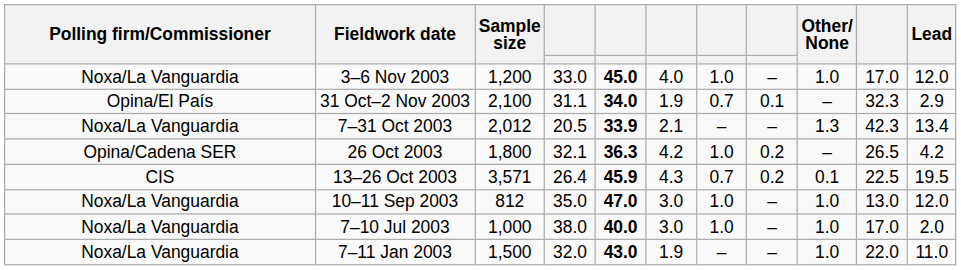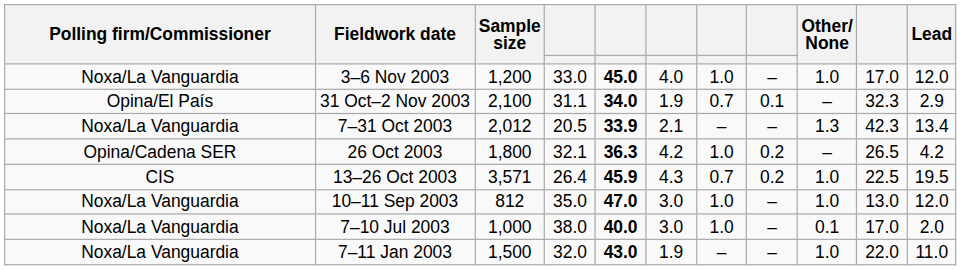 <table class="wikitable collapsible collapsed" style="text-align:center; font-size:90%; line-height:14px;">
 <tr style="height:42px;">
 <th style="width:250px;" rowspan="2">Polling firm/Commissioner</th>
 <th style="width:125px;" rowspan="2">Fieldwork date</th>
 <th style="width:50px;" rowspan="2">Sample size</th>
 <th style="width:35px;"></th>
 <th style="width:35px;"></th>
 <th style="width:35px;"></th>
 <th style="width:35px;"></th>
 <th style="width:35px;"></th>
 <th style="width:35px;" rowspan="2">Other/<br>None</th>
 <th style="width:35px;" rowspan="2"></th>
 <th style="width:30px;" rowspan="2">Lead</th>
 </tr>
 <tr>
 <th style="color:inherit;background:"></th>
 <th style="color:inherit;background:"></th>
 <th style="color:inherit;background:"></th>
 <th style="color:inherit;background:"></th>
 <th style="color:inherit;background:"></th>
 </tr>
 <tr>
 <td>Noxa/La Vanguardia</td>
 <td>3–6 Nov 2003</td>
 <td>1,200</td>
 <td>33.0</td>
 <td><strong>45.0</strong></td>
 <td>4.0</td>
 <td>1.0</td>
 <td>–</td>
 <td>1.0</td>
 <td>17.0</td>
 <td style="background:">12.0</td>
 </tr>
 <tr>
 <td>Opina/El País</td>
 <td>31 Oct–2 Nov 2003</td>
 <td>2,100</td>
 <td>31.1</td>
 <td><strong>34.0</strong></td>
 <td>1.9</td>
 <td>0.7</td>
 <td>0.1</td>
 <td>–</td>
 <td>32.3</td>
 <td style="background:">2.9</td>
 </tr>
 <tr>
 <td>Noxa/La Vanguardia</td>
 <td>7–31 Oct 2003</td>
 <td>2,012</td>
 <td>20.5</td>
 <td><strong>33.9</strong></td>
 <td>2.1</td>
 <td>–</td>
 <td>–</td>
 <td>1.3</td>
 <td>42.3</td>
 <td style="background:">13.4</td>
 </tr>
 <tr>
 <td>Opina/Cadena SER</td>
 <td>26 Oct 2003</td>
 <td>1,800</td>
 <td>32.1</td>
 <td><strong>36.3</strong></td>
 <td>4.2</td>
 <td>1.0</td>
 <td>0.2</td>
 <td>–</td>
 <td>26.5</td>
 <td style="background:">4.2</td>
 </tr>
 <tr>
 <td>CIS</td>
 <td>13–26 Oct 2003</td>
 <td>3,571</td>
 <td>26.4</td>
 <td><strong>45.9</strong></td>
 <td>4.3</td>
 <td>0.7</td>
 <td>0.2</td>
-<td>0.1</td>
+<td>1.0</td>
 <td>22.5</td>
 <td style="background:">19.5</td>
 </tr>
 <tr>
 <td>Noxa/La Vanguardia</td>
 <td>10–11 Sep 2003</td>
 <td>812</td>
 <td>35.0</td>
 <td><strong>47.0</strong></td>
 <td>3.0</td>
 <td>1.0</td>
 <td>–</td>
 <td>1.0</td>
 <td>13.0</td>
 <td style="background:">12.0</td>
 </tr>
 <tr>
 <td>Noxa/La Vanguardia</td>
 <td>7–10 Jul 2003</td>
 <td>1,000</td>
 <td>38.0</td>
 <td><strong>40.0</strong></td>
 <td>3.0</td>
 <td>1.0</td>
 <td>–</td>
-<td>1.0</td>
+<td>0.1</td>
 <td>17.0</td>
 <td style="background:">2.0</td>
 </tr>
 <tr>
 <td>Noxa/La Vanguardia</td>
 <td>7–11 Jan 2003</td>
 <td>1,500</td>
 <td>32.0</td>
 <td><strong>43.0</strong></td>
 <td>1.9</td>
 <td>–</td>
 <td>–</td>
 <td>1.0</td>
 <td>22.0</td>
 <td style="background:">11.0</td>
 </tr>
 </table>
